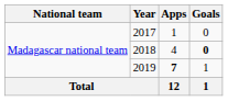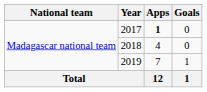 <table class="wikitable" style="text-align:center">
 <tr>
 <th>National team</th>
 <th>Year</th>
 <th>Apps</th>
 <th>Goals</th>
 </tr>
 <tr>
 <td rowspan="3"><a href='#'>Madagascar national team</a></td>
 <td>2017</td>
-<td>1</td>
+<td><strong>1</strong></td>
 <td>0</td>
 </tr>
 <tr>
 <td>2018</td>
 <td>4</td>
-<td><strong>0</strong></td>
+<td>0</td>
 </tr>
 <tr>
 <td>2019</td>
-<td><strong>7</strong></td>
+<td>7</td>
 <td>1</td>
 </tr>
 <tr>
 <th colspan="2">Total</th>
 <th>12</th>
 <th>1</th>
 </tr>
 </table>
